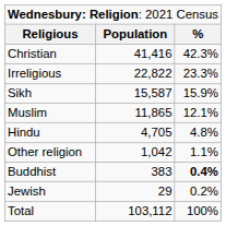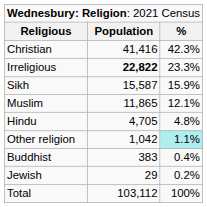 <table class="wikitable">
 <tr>
 <td colspan="14" style="text-align:right;"><strong>Wednesbury: Religion</strong>: 2021 Census</td>
 </tr>
 <tr>
 <th>Religious</th>
 <th>Population</th>
 <th>%</th>
 </tr>
 <tr>
 <td>Christian</td>
 <td style="text-align:right;">41,416</td>
 <td style="text-align:right;">42.3%</td>
 </tr>
 <tr>
 <td>Irreligious</td>
-<td style="text-align:right;">22,822</td>
+<td style="text-align:right;"><strong>22,822</strong></td>
 <td style="text-align:right;">23.3%</td>
 </tr>
 <tr>
 <td>Sikh</td>
 <td style="text-align:right;">15,587</td>
 <td style="text-align:right;">15.9%</td>
 </tr>
 <tr>
 <td>Muslim</td>
 <td style="text-align:right;">11,865</td>
 <td style="text-align:right;">12.1%</td>
 </tr>
 <tr>
 <td>Hindu</td>
 <td style="text-align:right;">4,705</td>
 <td style="text-align:right;">4.8%</td>
 </tr>
 <tr>
 <td>Other religion</td>
 <td style="text-align:right;">1,042</td>
-<td style="text-align:right;">1.1%</td>
+<td style="background: paleturquoise; text-align:right;">1.1%</td>
 </tr>
 <tr>
 <td>Buddhist</td>
 <td style="text-align:right;">383</td>
-<td style="text-align:right;"><strong>0.4%</strong></td>
+<td style="text-align:right;">0.4%</td>
 </tr>
 <tr>
 <td>Jewish</td>
 <td style="text-align:right;">29</td>
 <td style="text-align:right;">0.2%</td>
 </tr>
 <tr>
 <td>Total</td>
 <td style="text-align:right;">103,112</td>
 <td style="text-align:right;">100%</td>
 </tr>
 </table>
